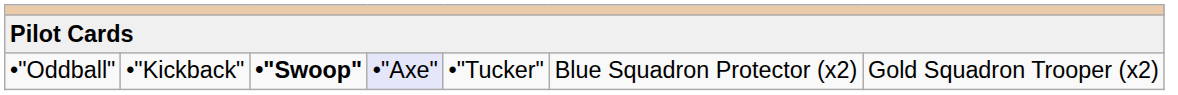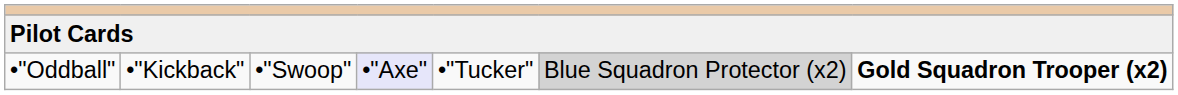 <table class="wikitable sortable">
 <tr style="background:#EACAA8;">
 <td colspan="8"></td>
 </tr>
 <tr style="background:#f0f0f0;">
 <td colspan="7"><strong>Pilot Cards</strong></td>
 </tr>
 <tr>
 <td>•"Oddball"</td>
 <td>•"Kickback"</td>
-<td><strong>•"Swoop"</strong></td>
+<td>•"Swoop"</td>
 <td style="background: lavender;">•"Axe"</td>
 <td>•"Tucker"</td>
-<td>Blue Squadron Protector (x2)</td>
-<td>Gold Squadron Trooper (x2)</td>
+<td style="background: lightgrey;">Blue Squadron Protector (x2)</td>
+<td><strong>Gold Squadron Trooper (x2)</strong></td>
 </tr>
 </table>
